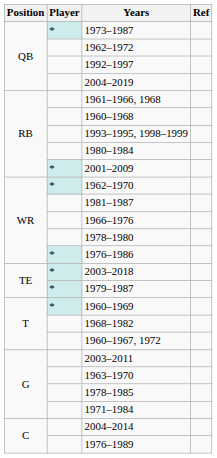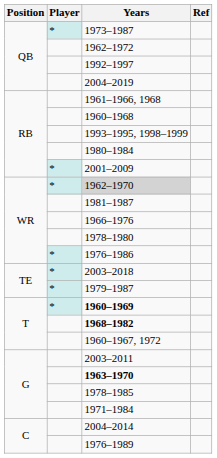 <table class="wikitable sortable" >
 <tr bgcolor="#efefef">
 <th>Position</th>
 <th>Player</th>
 <th>Years</th>
 <th class="unsortable">Ref</th>
 </tr>
 <tr>
 <td rowspan=4 style="text-align:center;">QB</td>
 <td style="background:#cfecec;">*</td>
 <td>1973–1987</td>
 <td></td>
 </tr>
 <tr>
 <td></td>
 <td>1962–1972</td>
 <td></td>
 </tr>
 <tr>
 <td></td>
 <td>1992–1997</td>
 <td></td>
 </tr>
 <tr>
 <td></td>
 <td>2004–2019</td>
 <td></td>
 </tr>
 <tr>
 <td rowspan=5 style="text-align:center;">RB</td>
 <td></td>
 <td>1961–1966, 1968</td>
 <td></td>
 </tr>
 <tr>
 <td></td>
 <td>1960–1968</td>
 <td></td>
 </tr>
 <tr>
 <td></td>
 <td>1993–1995, 1998–1999</td>
 <td></td>
 </tr>
 <tr>
 <td></td>
 <td>1980–1984</td>
 <td></td>
 </tr>
 <tr>
 <td style="background:#cfecec;">*</td>
 <td>2001–2009</td>
 <td></td>
 </tr>
 <tr>
 <td rowspan=5 style="text-align:center;">WR</td>
 <td style="background:#cfecec;">*</td>
-<td>1962–1970</td>
+<td style="background: lightgrey;">1962–1970</td>
 <td></td>
 </tr>
 <tr>
 <td></td>
 <td>1981–1987</td>
 <td></td>
 </tr>
 <tr>
 <td></td>
 <td>1966–1976</td>
 <td></td>
 </tr>
 <tr>
 <td></td>
 <td>1978–1980</td>
 <td></td>
 </tr>
 <tr>
 <td style="background:#cfecec;">*</td>
 <td>1976–1986</td>
 <td></td>
 </tr>
 <tr>
 <td rowspan=2 style="text-align:center;">TE</td>
 <td style="background:#cfecec;">*</td>
 <td>2003–2018</td>
 <td></td>
 </tr>
 <tr>
 <td style="background:#cfecec;">*</td>
 <td>1979–1987</td>
 <td></td>
 </tr>
 <tr>
 <td rowspan=3 style="text-align:center;">T</td>
 <td style="background:#cfecec;">*</td>
-<td>1960–1969</td>
+<td><strong>1960–1969</strong></td>
 <td></td>
 </tr>
 <tr>
 <td></td>
-<td>1968–1982</td>
+<td><strong>1968–1982</strong></td>
 <td></td>
 </tr>
 <tr>
 <td></td>
 <td>1960–1967, 1972</td>
 <td></td>
 </tr>
 <tr>
 <td rowspan=4 style="text-align:center;">G</td>
 <td></td>
 <td>2003–2011</td>
 <td></td>
 </tr>
 <tr>
 <td></td>
-<td>1963–1970</td>
+<td><strong>1963–1970</strong></td>
 <td></td>
 </tr>
 <tr>
 <td></td>
 <td>1978–1985</td>
 <td></td>
 </tr>
 <tr>
 <td></td>
 <td>1971–1984</td>
 <td></td>
 </tr>
 <tr>
 <td rowspan=2 style="text-align:center;">C</td>
 <td></td>
 <td>2004–2014</td>
 <td></td>
 </tr>
 <tr>
 <td></td>
 <td>1976–1989</td>
 <td></td>
 </tr>
 </table>
